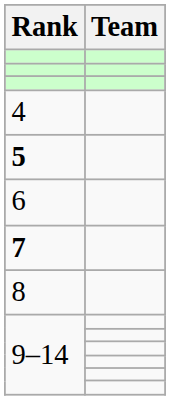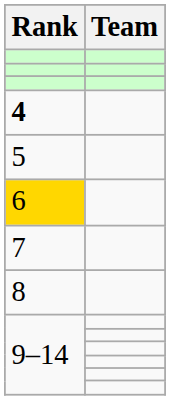 <table class="wikitable">
 <tr>
 <th>Rank</th>
 <th>Team</th>
 </tr>
 <tr bgcolor="#ccffcc">
 <td></td>
 <td></td>
 </tr>
 <tr bgcolor="#ccffcc">
 <td></td>
 <td></td>
 </tr>
 <tr bgcolor="#ccffcc">
 <td></td>
 <td></td>
 </tr>
 <tr>
-<td>4</td>
+<td><strong>4</strong></td>
 <td></td>
 </tr>
 <tr>
-<td><strong>5</strong></td>
+<td>5</td>
 <td></td>
 </tr>
 <tr>
-<td>6</td>
+<td style="background: gold;">6</td>
 <td></td>
 </tr>
 <tr>
-<td><strong>7</strong></td>
+<td>7</td>
 <td></td>
 </tr>
 <tr>
 <td>8</td>
 <td></td>
 </tr>
 <tr>
 <td rowspan=6>9–14</td>
 <td></td>
 </tr>
 <tr>
 <td></td>
 </tr>
 <tr>
 <td></td>
 </tr>
 <tr>
 <td></td>
 </tr>
 <tr>
 <td></td>
 </tr>
 <tr>
 <td></td>
 </tr>
 </table>
